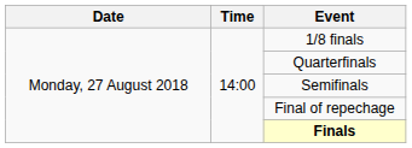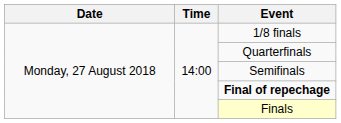 <table class = "wikitable" style="text-align:center;">
 <tr>
 <th width=220>Date</th>
 <th width=50>Time</th>
 <th width=150>Event</th>
 </tr>
 <tr>
 <td rowspan=5>Monday, 27 August 2018</td>
 <td rowspan=5>14:00</td>
 <td>1/8 finals</td>
 </tr>
 <tr>
 <td>Quarterfinals</td>
 </tr>
 <tr>
 <td>Semifinals</td>
 </tr>
 <tr>
-<td>Final of repechage</td>
+<td><strong>Final of repechage</strong></td>
 </tr>
 <tr>
-<td bgcolor=ffffcc><strong>Finals</strong></td>
+<td bgcolor=ffffcc>Finals</td>
 </tr>
 </table>
